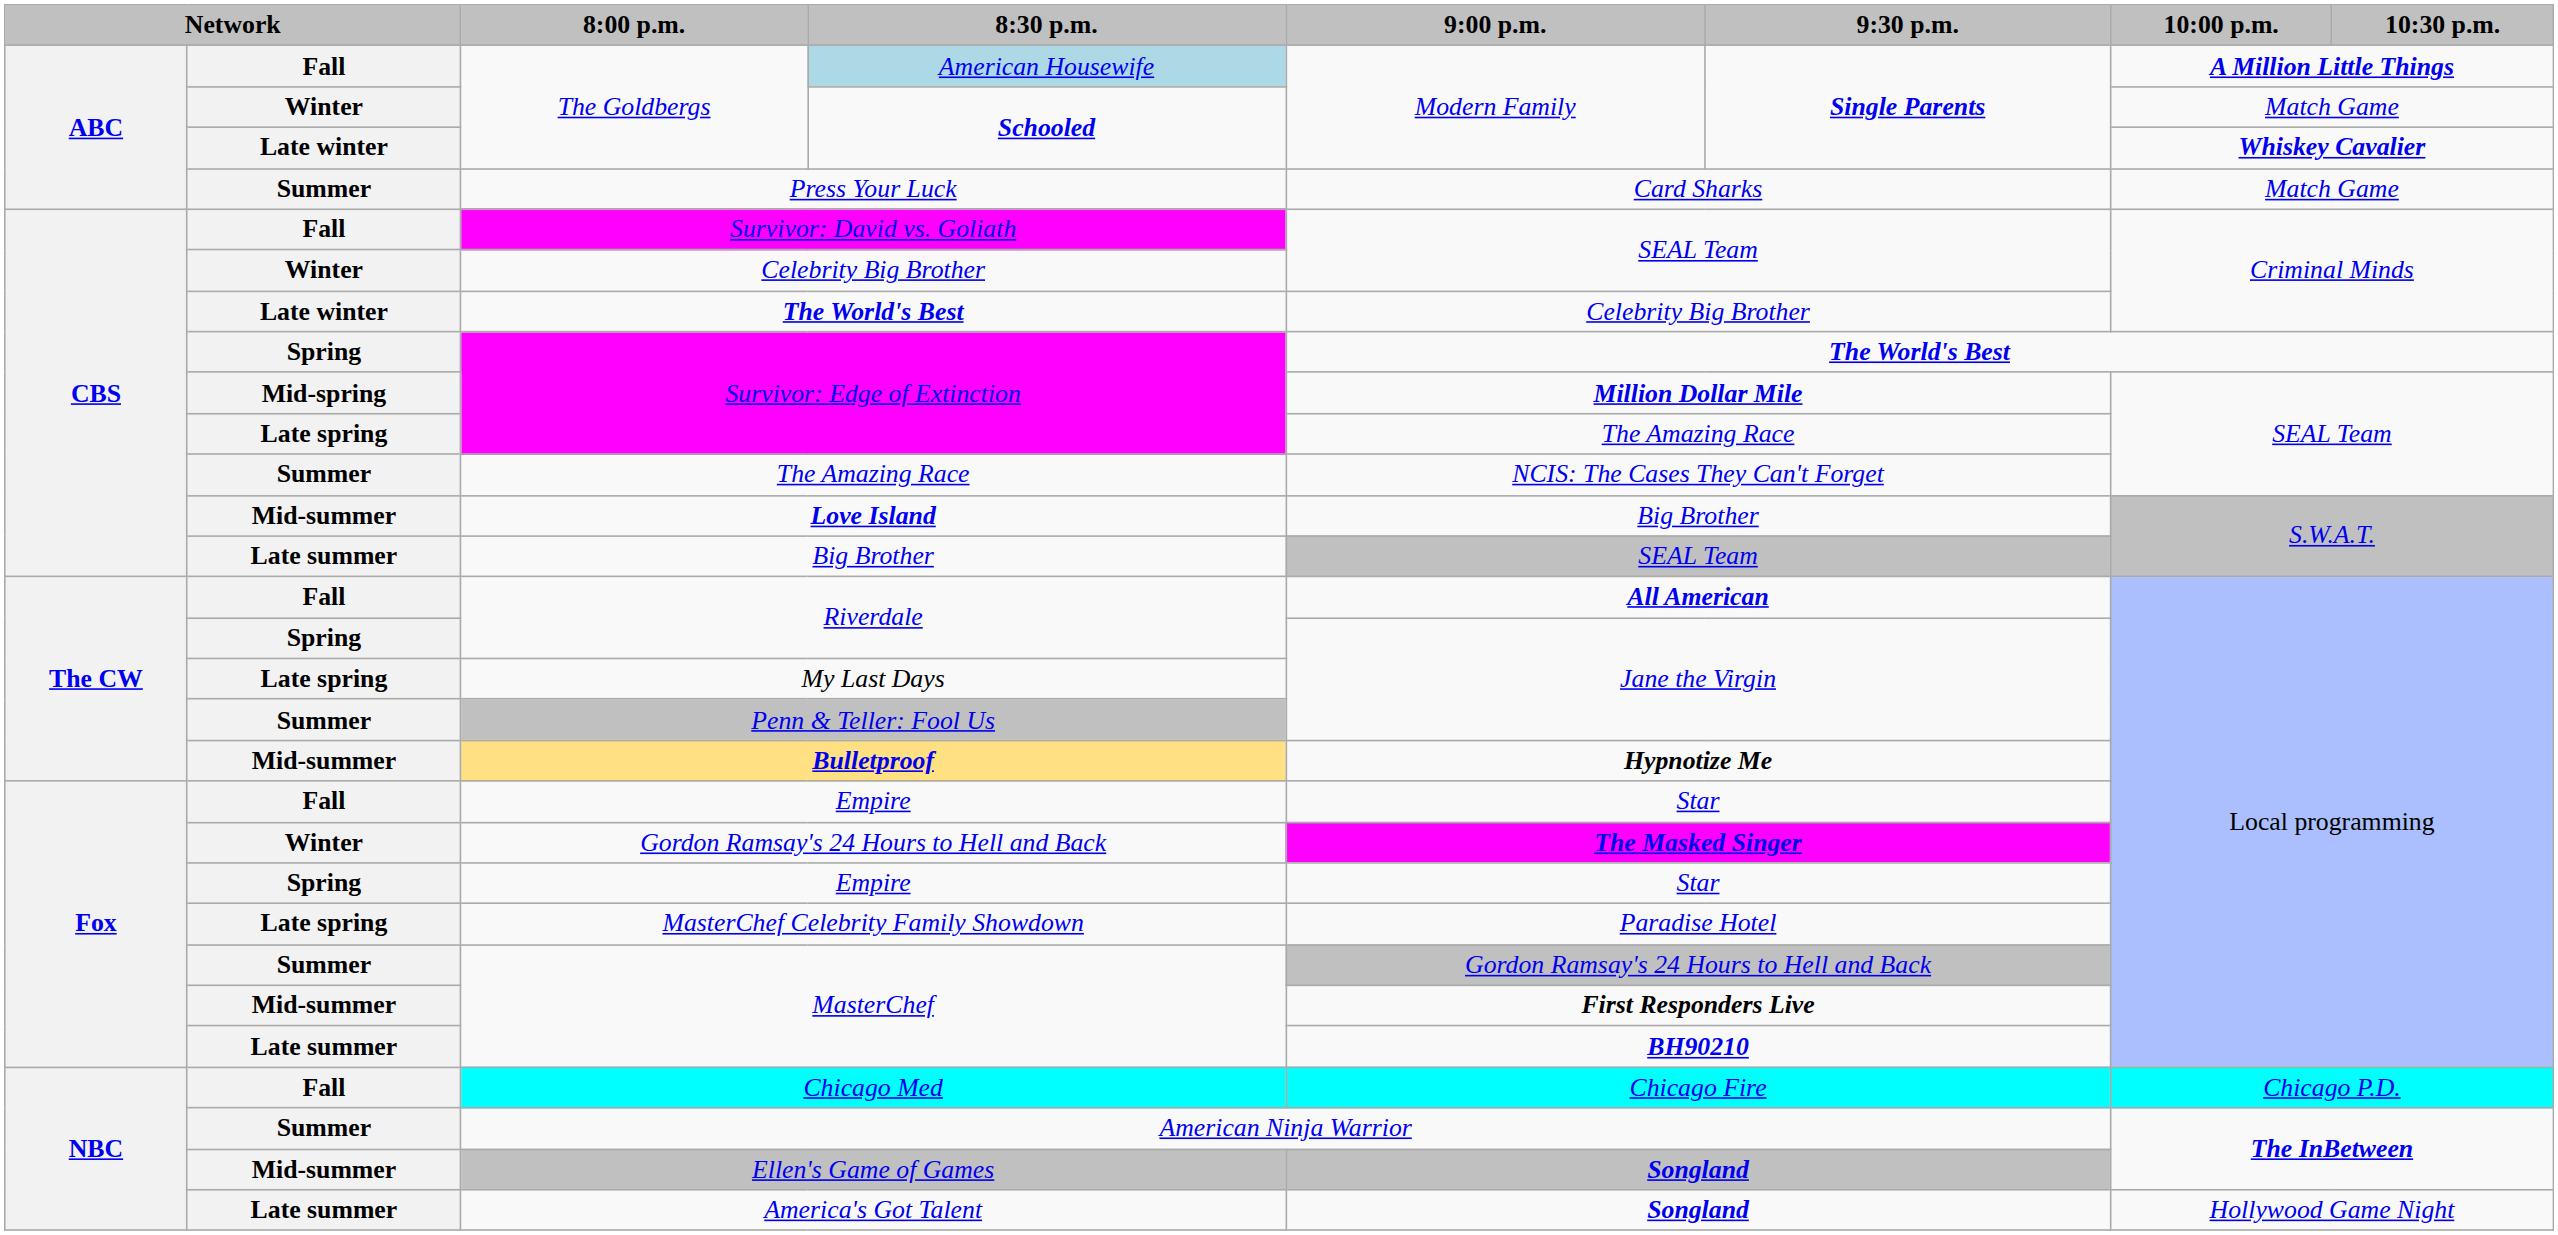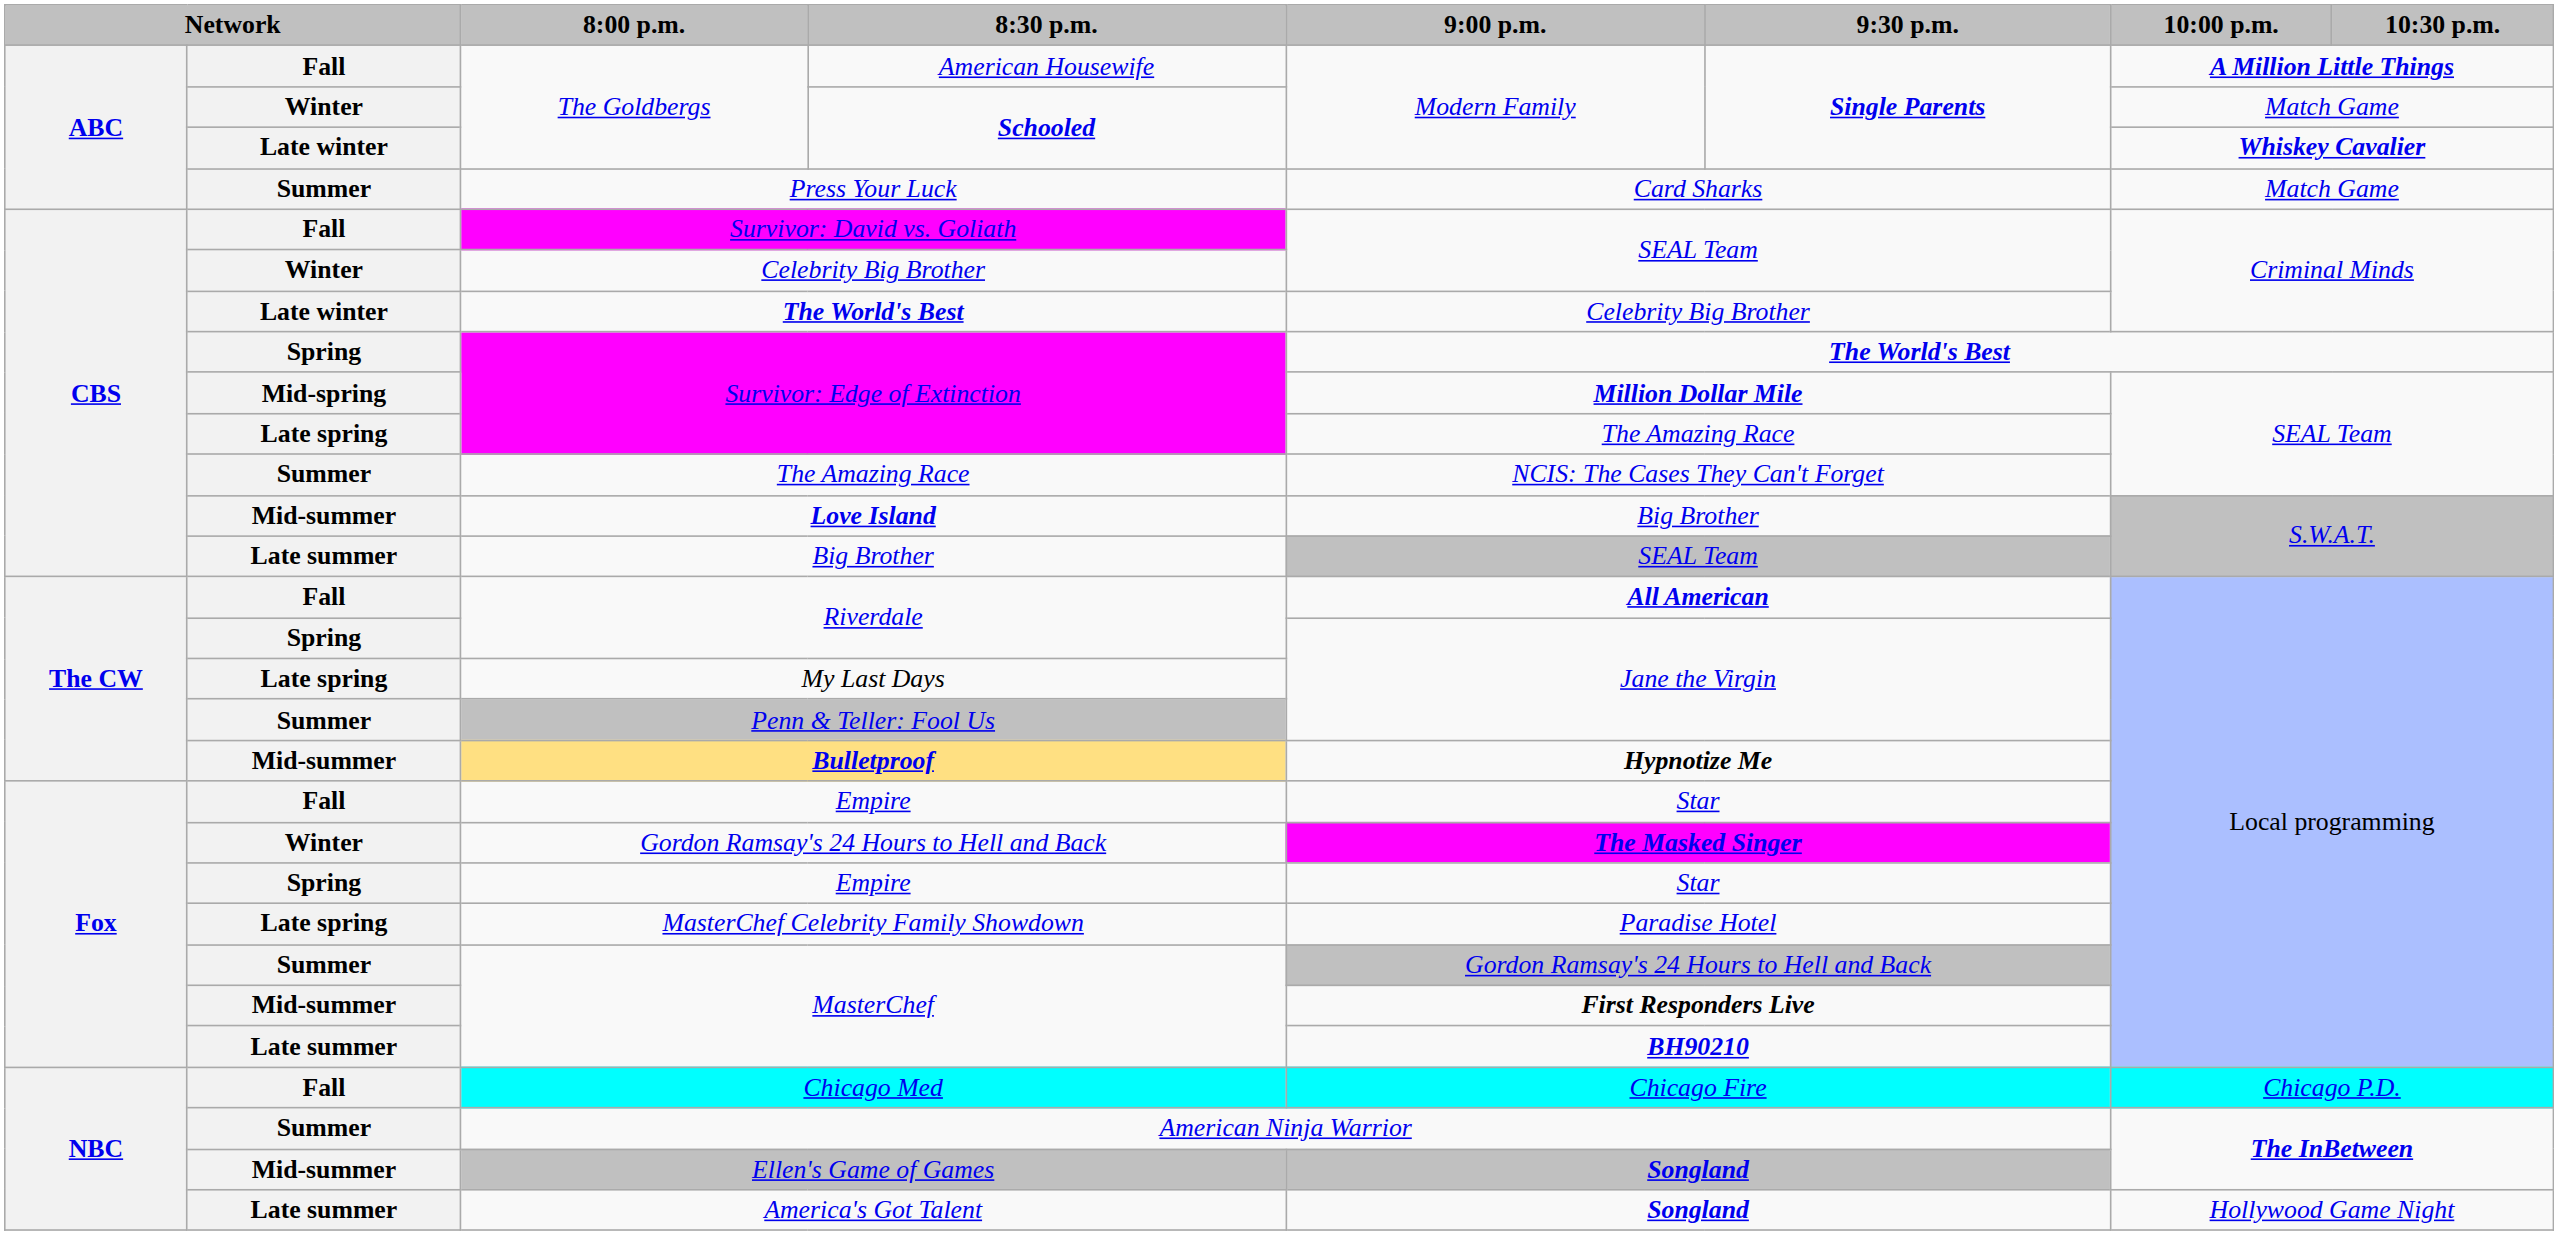 <table class="wikitable" style="width:100%;margin-right:0;text-align:center">
 <tr>
 <th colspan="2" style="background-color:#C0C0C0;text-align:center">Network</th>
 <th style="background-color:#C0C0C0;text-align:center">8:00 p.m.</th>
 <th style="background-color:#C0C0C0;text-align:center">8:30 p.m.</th>
 <th style="background-color:#C0C0C0;text-align:center">9:00 p.m.</th>
 <th style="background-color:#C0C0C0;text-align:center">9:30 p.m.</th>
 <th style="background-color:#C0C0C0;text-align:center">10:00 p.m.</th>
 <th style="background-color:#C0C0C0;text-align:center">10:30 p.m.</th>
 </tr>
 <tr>
 <th rowspan="4"><a href='#'>ABC</a></th>
 <th>Fall</th>
 <td rowspan="3"><em><a href='#'>The Goldbergs</a></em></td>
-<td style="background: lightblue;"><em><a href='#'>American Housewife</a></em></td>
+<td><em><a href='#'>American Housewife</a></em></td>
 <td rowspan="3"><em><a href='#'>Modern Family</a></em></td>
 <td rowspan="3"><strong><em><a href='#'>Single Parents</a></em></strong></td>
 <td colspan="2"><strong><em><a href='#'>A Million Little Things</a></em></strong></td>
 </tr>
 <tr>
 <th>Winter</th>
 <td rowspan="2"><strong><em><a href='#'>Schooled</a></em></strong></td>
 <td colspan="2"><em><a href='#'>Match Game</a></em></td>
 </tr>
 <tr>
 <th>Late winter</th>
 <td colspan="2"><strong><em><a href='#'>Whiskey Cavalier</a></em></strong></td>
 </tr>
 <tr>
 <th>Summer</th>
 <td colspan="2"><em><a href='#'>Press Your Luck</a></em></td>
 <td colspan="2"><em><a href='#'>Card Sharks</a></em></td>
 <td colspan="2"><em><a href='#'>Match Game</a></em></td>
 </tr>
 <tr>
 <th rowspan="9"><a href='#'>CBS</a></th>
 <th>Fall</th>
 <td colspan="2" style="background:#FF00FF;"><em><a href='#'>Survivor: David vs. Goliath</a></em> </td>
 <td rowspan="2" colspan="2"><em><a href='#'>SEAL Team</a></em></td>
 <td rowspan="3" colspan="2"><em><a href='#'>Criminal Minds</a></em></td>
 </tr>
 <tr>
 <th>Winter</th>
 <td colspan="2"><em><a href='#'>Celebrity Big Brother</a></em></td>
 </tr>
 <tr>
 <th>Late winter</th>
 <td colspan="2"><strong><em><a href='#'>The World's Best</a></em></strong></td>
 <td colspan="2"><em><a href='#'>Celebrity Big Brother</a></em></td>
 </tr>
 <tr>
 <th>Spring</th>
 <td rowspan="3" colspan="2" style="background:#FF00FF;"><em><a href='#'>Survivor: Edge of Extinction</a></em> </td>
 <td colspan="4"><strong><em><a href='#'>The World's Best</a></em></strong></td>
 </tr>
 <tr>
 <th>Mid-spring</th>
 <td colspan="2"><strong><em><a href='#'>Million Dollar Mile</a></em></strong></td>
 <td rowspan="3" colspan="2"><em><a href='#'>SEAL Team</a></em></td>
 </tr>
 <tr>
 <th>Late spring</th>
 <td colspan="2"><em><a href='#'>The Amazing Race</a></em></td>
 </tr>
 <tr>
 <th>Summer</th>
 <td colspan="2"><em><a href='#'>The Amazing Race</a></em></td>
 <td colspan="2"><em><a href='#'>NCIS: The Cases They Can't Forget</a></em></td>
 </tr>
 <tr>
 <th>Mid-summer</th>
 <td colspan="2"><strong><em><a href='#'>Love Island</a></em></strong></td>
 <td colspan="2"><em><a href='#'>Big Brother</a></em></td>
 <td rowspan="2" colspan="2" style="background:#C0C0C0;"><em><a href='#'>S.W.A.T.</a></em> </td>
 </tr>
 <tr>
 <th>Late summer</th>
 <td colspan="2"><em><a href='#'>Big Brother</a></em></td>
 <td colspan="2" style="background:#C0C0C0;"><em><a href='#'>SEAL Team</a></em> </td>
 </tr>
 <tr>
 <th rowspan="5"><a href='#'>The CW</a></th>
 <th>Fall</th>
 <td rowspan="2" colspan="2"><em><a href='#'>Riverdale</a></em></td>
 <td colspan="2"><strong><em><a href='#'>All American</a></em></strong></td>
 <td rowspan="12" colspan="2" style="background:#abbfff;">Local programming</td>
 </tr>
 <tr>
 <th>Spring</th>
 <td rowspan="3" colspan="2"><em><a href='#'>Jane the Virgin</a></em></td>
 </tr>
 <tr>
 <th>Late spring</th>
 <td colspan="2"><em>My Last Days</em></td>
 </tr>
 <tr>
 <th>Summer</th>
 <td colspan="2" style="background:#C0C0C0;"><em><a href='#'>Penn & Teller: Fool Us</a></em> </td>
 </tr>
 <tr>
 <th>Mid-summer</th>
 <td colspan="2" style="background:#FFE082;"><strong><em><a href='#'>Bulletproof</a></em></strong></td>
 <td colspan="2"><strong><em>Hypnotize Me</em></strong></td>
 </tr>
 <tr>
 <th rowspan="7"><a href='#'>Fox</a></th>
 <th>Fall</th>
 <td colspan="2"><em><a href='#'>Empire</a></em></td>
 <td colspan="2"><em><a href='#'>Star</a></em></td>
 </tr>
 <tr>
 <th>Winter</th>
 <td colspan="2"><em><a href='#'>Gordon Ramsay's 24 Hours to Hell and Back</a></em></td>
 <td colspan="2" style="background:#FF00FF;"><strong><em><a href='#'>The Masked Singer</a></em></strong> </td>
 </tr>
 <tr>
 <th>Spring</th>
 <td colspan="2"><em><a href='#'>Empire</a></em></td>
 <td colspan="2"><em><a href='#'>Star</a></em></td>
 </tr>
 <tr>
 <th>Late spring</th>
 <td colspan="2"><em><a href='#'>MasterChef Celebrity Family Showdown</a></em></td>
 <td colspan="2"><em><a href='#'>Paradise Hotel</a></em></td>
 </tr>
 <tr>
 <th>Summer</th>
 <td rowspan="3" colspan="2"><em><a href='#'>MasterChef</a></em></td>
 <td colspan="2" style="background:#C0C0C0;"><em><a href='#'>Gordon Ramsay's 24 Hours to Hell and Back</a></em> </td>
 </tr>
 <tr>
 <th>Mid-summer</th>
 <td colspan="2"><strong><em>First Responders Live</em></strong></td>
 </tr>
 <tr>
 <th>Late summer</th>
 <td colspan="2"><strong><em><a href='#'>BH90210</a></em></strong></td>
 </tr>
 <tr>
 <th rowspan="4"><a href='#'>NBC</a></th>
 <th>Fall</th>
 <td colspan="2" style="background:#00FFFF;"><em><a href='#'>Chicago Med</a></em> </td>
 <td colspan="2" style="background:#00FFFF;"><em><a href='#'>Chicago Fire</a></em> </td>
 <td colspan="2" style="background:#00FFFF;"><em><a href='#'>Chicago P.D.</a></em> </td>
 </tr>
 <tr>
 <th>Summer</th>
 <td colspan="4"><em><a href='#'>American Ninja Warrior</a></em></td>
 <td rowspan="2" colspan="2"><strong><em><a href='#'>The InBetween</a></em></strong></td>
 </tr>
 <tr>
 <th>Mid-summer</th>
 <td colspan="2" style="background:#C0C0C0;"><em><a href='#'>Ellen's Game of Games</a></em> </td>
 <td colspan="2" style="background:#C0C0C0;"><strong><em><a href='#'>Songland</a></em></strong> </td>
 </tr>
 <tr>
 <th>Late summer</th>
 <td colspan="2"><em><a href='#'>America's Got Talent</a></em></td>
 <td colspan="2"><strong><em><a href='#'>Songland</a></em></strong></td>
 <td colspan="2"><em><a href='#'>Hollywood Game Night</a></em></td>
 </tr>
 </table>
